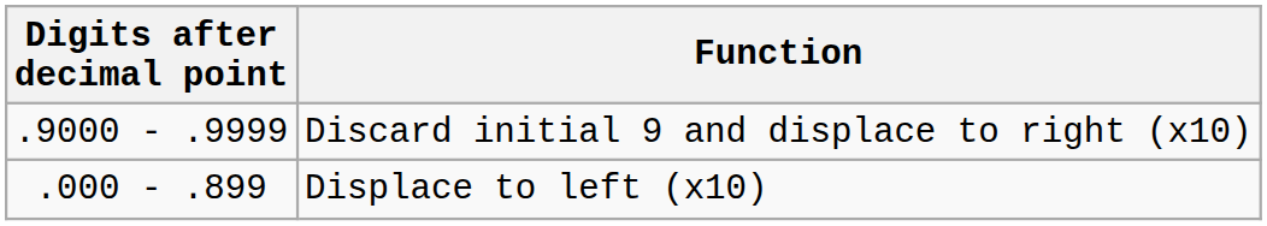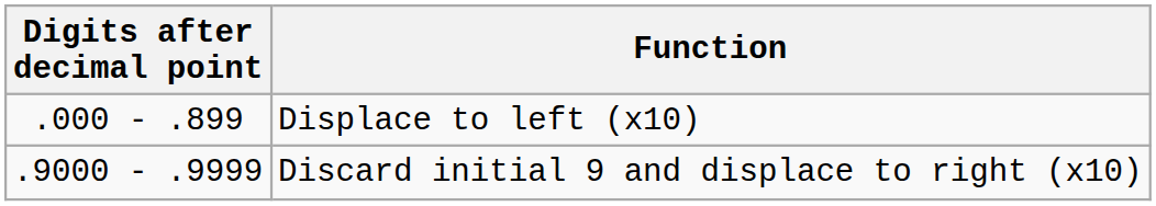 <table class="wikitable" style="text-align: left">
 <tr>
 <th>Digits after<br>decimal point</th>
 <th>Function</th>
 </tr>
 <tr>
+<td style="text-align: center">.000 - .899</td>
+<td>Displace to left (x10)</td>
+</tr>
+<tr>
 <td style="text-align: center">.9000 - .9999</td>
 <td>Discard initial 9 and displace to right (x10)</td>
 </tr>
-<tr>
-<td style="text-align: center">.000 - .899</td>
-<td>Displace to left (x10)</td>
-</tr>
 </table>
